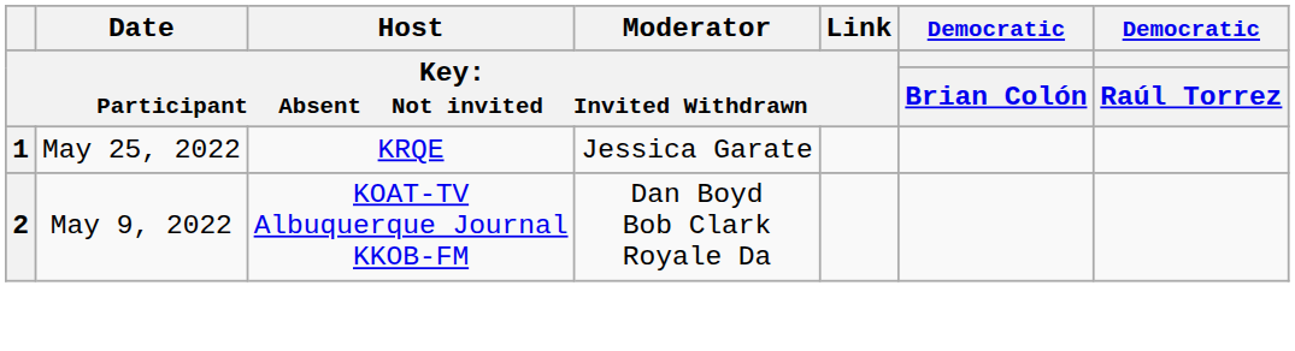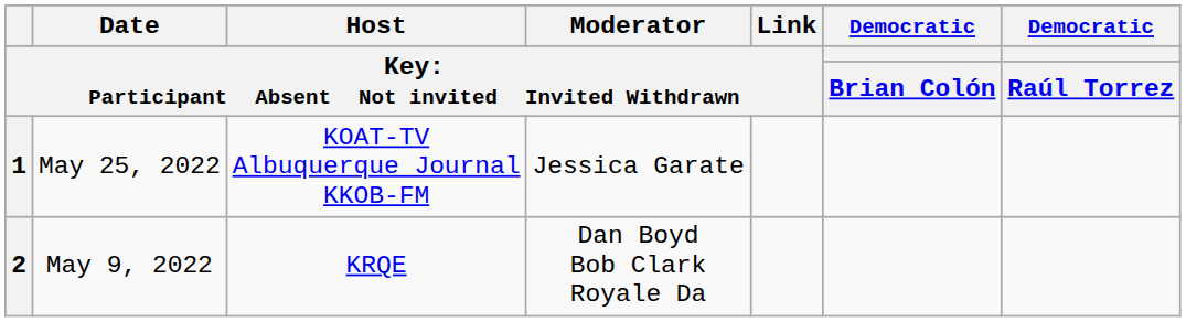 <table class="wikitable" style="text-align:center;">
 <tr>
 <th scope="col"></th>
 <th scope="col">Date</th>
 <th scope="col">Host</th>
 <th scope="col">Moderator</th>
 <th scope="col">Link</th>
 <th scope="col"><small><a href='#'>Democratic</a></small></th>
 <th scope="col"><small><a href='#'>Democratic</a></small></th>
 </tr>
 <tr>
 <th colspan="5" rowspan="2">Key:<br> <small>Participant </small>  <small>Absent </small>  <small>Not invited </small>  <small>Invited  Withdrawn</small></th>
 <th scope="col" style="background:"></th>
 <th scope="col" style="background:"></th>
 </tr>
 <tr>
 <th scope="col"><a href='#'>Brian Colón</a></th>
 <th scope="col"><a href='#'>Raúl Torrez</a></th>
 </tr>
 <tr>
 <th>1</th>
 <td style="white-space:nowrap;">May 25, 2022</td>
-<td style="white-space:nowrap;"><a href='#'>KRQE</a></td>
+<td style="white-space:nowrap;"><a href='#'>KOAT-TV</a><br><a href='#'>Albuquerque Journal</a><br><a href='#'>KKOB-FM</a></td>
 <td style="white-space:nowrap;">Jessica Garate</td>
 <td style="white-space:nowrap;"></td>
 <td></td>
 <td></td>
 </tr>
 <tr>
 <th>2</th>
 <td style="white-space:nowrap;">May 9, 2022</td>
-<td style="white-space:nowrap;"><a href='#'>KOAT-TV</a><br><a href='#'>Albuquerque Journal</a><br><a href='#'>KKOB-FM</a></td>
+<td style="white-space:nowrap;"><a href='#'>KRQE</a></td>
 <td style="white-space:nowrap;">Dan Boyd<br>Bob Clark<br>Royale Da</td>
 <td style="white-space:nowrap;"></td>
 <td></td>
 <td></td>
 </tr>
 </table>
